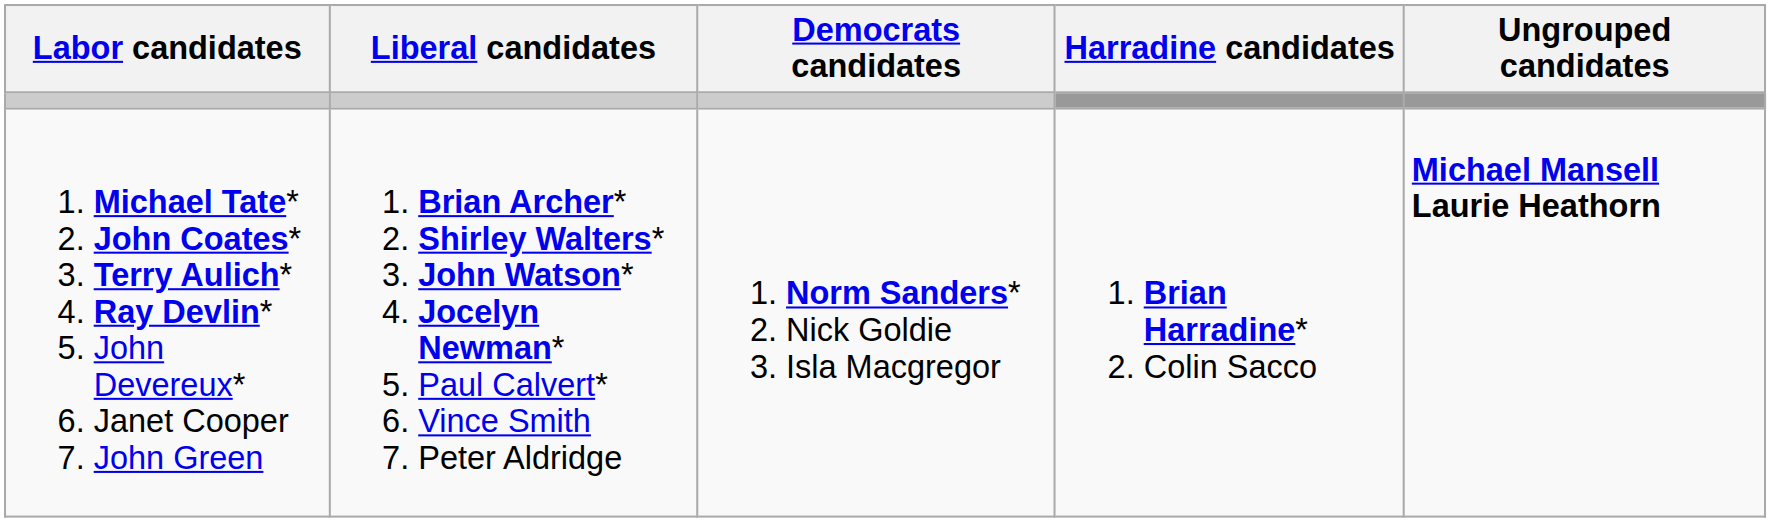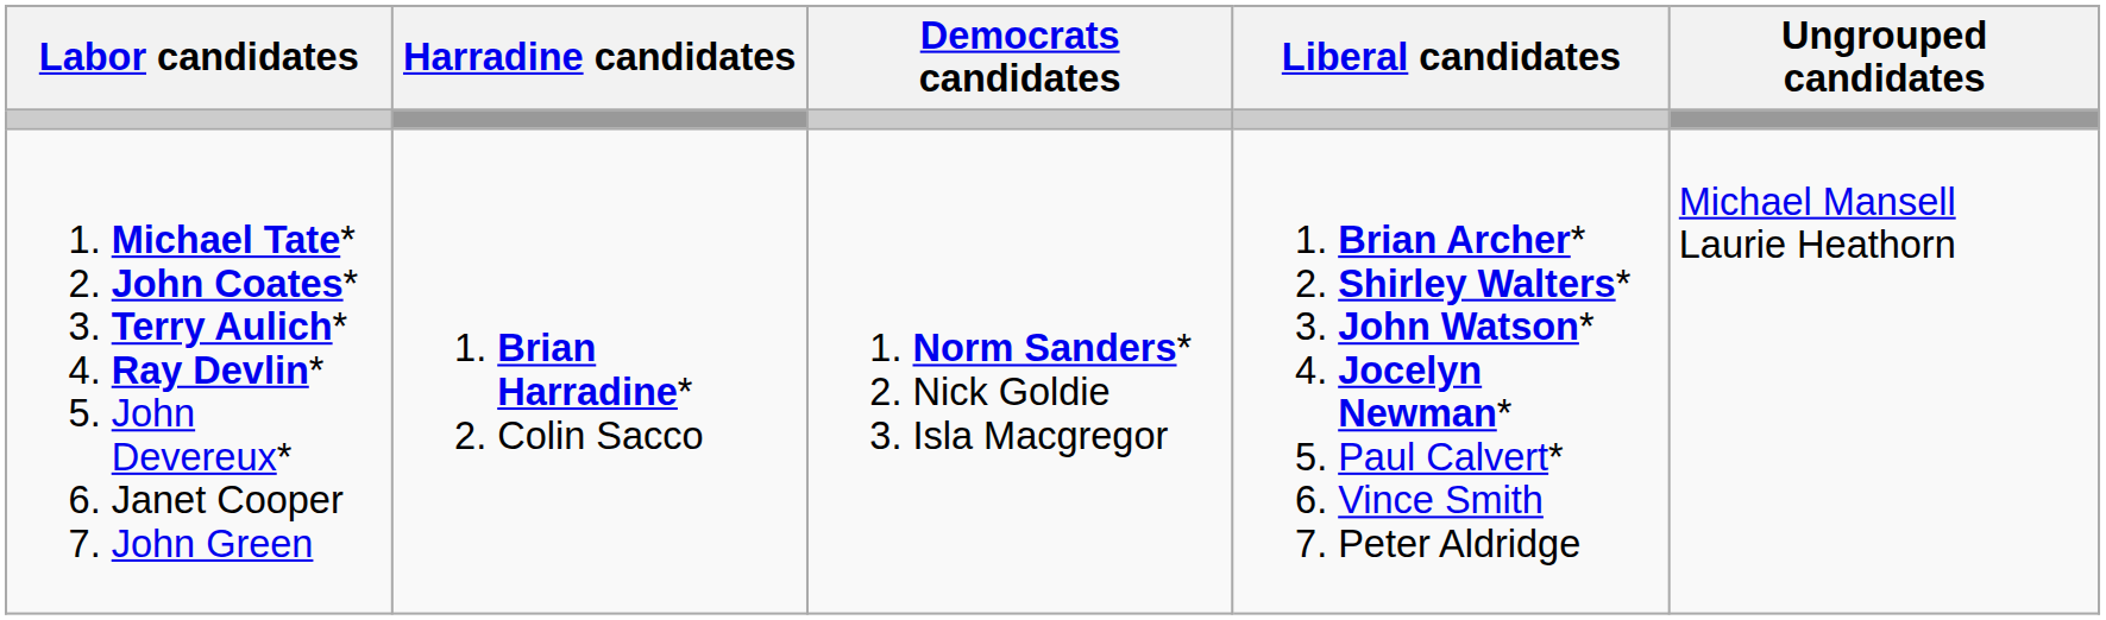 <table class="wikitable">
 <tr>
 <th><a href='#'>Labor</a> candidates</th>
+<th><a href='#'>Harradine</a> candidates</th>
+<th><a href='#'>Democrats</a> candidates</th>
 <th><a href='#'>Liberal</a> candidates</th>
-<th><a href='#'>Democrats</a> candidates</th>
-<th><a href='#'>Harradine</a> candidates</th>
 <th>Ungrouped candidates</th>
 </tr>
 <tr bgcolor="#cccccc">
 <td></td>
+<td bgcolor="#999999"></td>
 <td></td>
 <td></td>
-<td bgcolor="#999999"></td>
 <td bgcolor="#999999"></td>
 </tr>
 <tr>
 <td><br><ol><li><strong><a href='#'>Michael Tate</a></strong>*</li><li><strong><a href='#'>John Coates</a></strong>*</li><li><strong><a href='#'>Terry Aulich</a></strong>*</li><li><strong><a href='#'>Ray Devlin</a></strong>*</li><li><a href='#'>John Devereux</a>*</li><li>Janet Cooper</li><li><a href='#'>John Green</a></li></ol></td>
+<td><br><ol><li><strong><a href='#'>Brian Harradine</a></strong>*</li><li>Colin Sacco</li></ol></td>
+<td><br><ol><li><strong><a href='#'>Norm Sanders</a></strong>*</li><li>Nick Goldie</li><li>Isla Macgregor</li></ol></td>
 <td><br><ol><li><strong><a href='#'>Brian Archer</a></strong>*</li><li><strong><a href='#'>Shirley Walters</a></strong>*</li><li><strong><a href='#'>John Watson</a></strong>*</li><li><strong><a href='#'>Jocelyn Newman</a></strong>*</li><li><a href='#'>Paul Calvert</a>*</li><li><a href='#'>Vince Smith</a></li><li>Peter Aldridge</li></ol></td>
-<td><br><ol><li><strong><a href='#'>Norm Sanders</a></strong>*</li><li>Nick Goldie</li><li>Isla Macgregor</li></ol></td>
-<td><br><ol><li><strong><a href='#'>Brian Harradine</a></strong>*</li><li>Colin Sacco</li></ol></td>
-<td valign=top><strong><br><a href='#'>Michael Mansell</a><br> Laurie Heathorn</strong></td>
+<td valign=top><br><a href='#'>Michael Mansell</a><br> Laurie Heathorn</td>
 </tr>
 </table>
